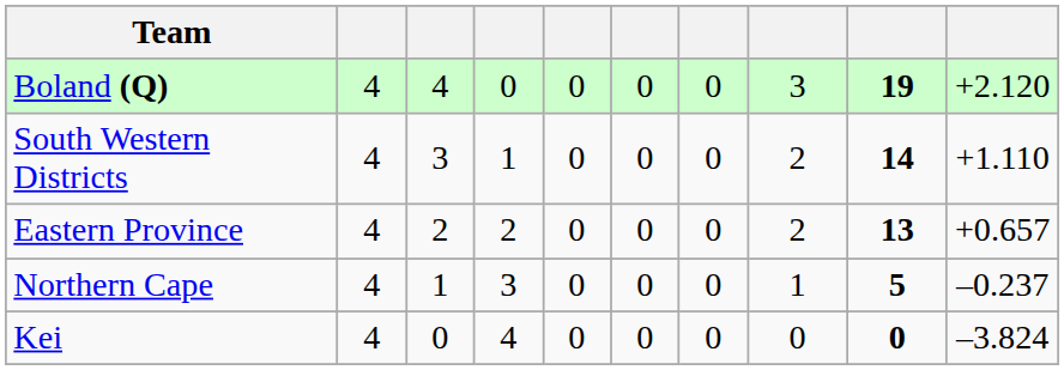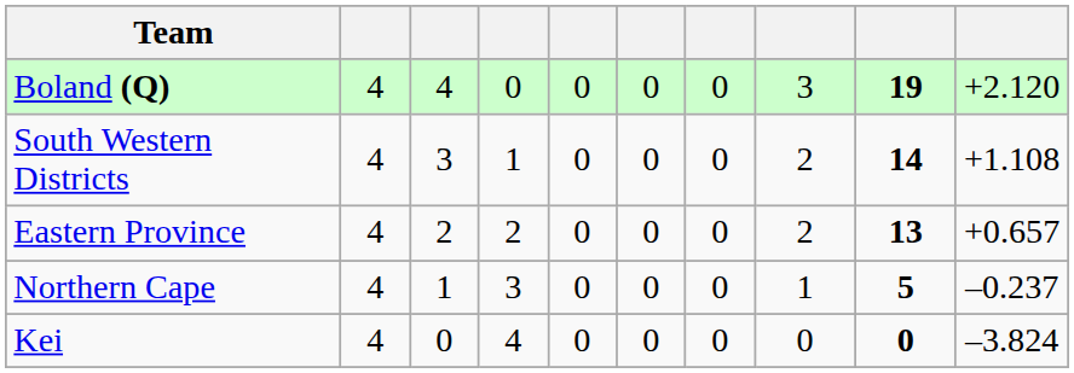 <table class="wikitable" style="text-align:center">
 <tr>
 <th width="150">Team</th>
 <th width="25"></th>
 <th width="25"></th>
 <th width="25"></th>
 <th width="25"></th>
 <th width="25"></th>
 <th width="25"></th>
 <th width="40"></th>
 <th width="40"></th>
 <th width="45"></th>
 </tr>
 <tr style="background:#cfc">
 <td style="text-align:left"><a href='#'>Boland</a> <strong>(Q)</strong></td>
 <td>4</td>
 <td>4</td>
 <td>0</td>
 <td>0</td>
 <td>0</td>
 <td>0</td>
 <td>3</td>
 <td><strong>19</strong></td>
 <td>+2.120</td>
 </tr>
 <tr>
 <td style="text-align:left"><a href='#'>South Western Districts</a></td>
 <td>4</td>
 <td>3</td>
 <td>1</td>
 <td>0</td>
 <td>0</td>
 <td>0</td>
 <td>2</td>
 <td><strong>14</strong></td>
-<td>+1.110</td>
+<td>+1.108</td>
 </tr>
 <tr>
 <td style="text-align:left"><a href='#'>Eastern Province</a></td>
 <td>4</td>
 <td>2</td>
 <td>2</td>
 <td>0</td>
 <td>0</td>
 <td>0</td>
 <td>2</td>
 <td><strong>13</strong></td>
 <td>+0.657</td>
 </tr>
 <tr>
 <td style="text-align:left"><a href='#'>Northern Cape</a></td>
 <td>4</td>
 <td>1</td>
 <td>3</td>
 <td>0</td>
 <td>0</td>
 <td>0</td>
 <td>1</td>
 <td><strong>5</strong></td>
 <td>–0.237</td>
 </tr>
 <tr>
 <td style="text-align:left"><a href='#'>Kei</a></td>
 <td>4</td>
 <td>0</td>
 <td>4</td>
 <td>0</td>
 <td>0</td>
 <td>0</td>
 <td>0</td>
 <td><strong>0</strong></td>
 <td>–3.824</td>
 </tr>
 </table>
